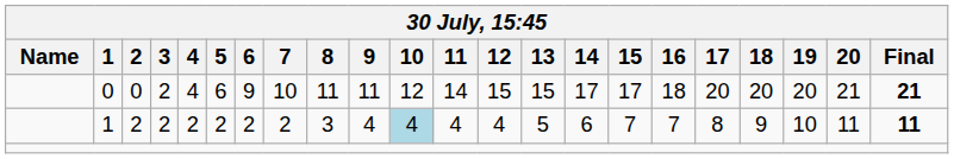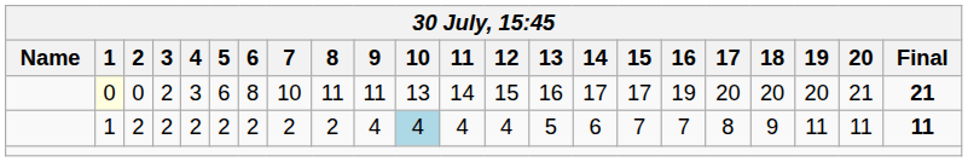 <table class=wikitable style="text-align:center; width: 55%">
 <tr>
 <th colspan=22><em>30 July, 15:45</em></th>
 </tr>
 <tr>
 <th>Name</th>
 <th>1</th>
 <th>2</th>
 <th>3</th>
 <th>4</th>
 <th>5</th>
 <th>6</th>
 <th>7</th>
 <th>8</th>
 <th>9</th>
 <th>10</th>
 <th>11</th>
 <th>12</th>
 <th>13</th>
 <th>14</th>
 <th>15</th>
 <th>16</th>
 <th>17</th>
 <th>18</th>
 <th>19</th>
 <th>20</th>
 <th>Final</th>
 </tr>
 <tr>
 <td align=left><strong></strong></td>
-<td>0</td>
+<td style="background: lightyellow;">0</td>
 <td>0</td>
 <td>2</td>
-<td>4</td>
+<td>3</td>
 <td>6</td>
-<td>9</td>
+<td>8</td>
 <td>10</td>
 <td>11</td>
 <td>11</td>
-<td>12</td>
+<td>13</td>
 <td>14</td>
 <td>15</td>
-<td>15</td>
+<td>16</td>
 <td>17</td>
 <td>17</td>
-<td>18</td>
+<td>19</td>
 <td>20</td>
 <td>20</td>
 <td>20</td>
 <td>21</td>
 <td><strong>21</strong></td>
 </tr>
 <tr>
 <td align=left></td>
 <td>1</td>
 <td>2</td>
 <td>2</td>
 <td>2</td>
 <td>2</td>
 <td>2</td>
 <td>2</td>
-<td>3</td>
+<td>2</td>
 <td>4</td>
 <td style="background: lightblue;">4</td>
 <td>4</td>
 <td>4</td>
 <td>5</td>
 <td>6</td>
 <td>7</td>
 <td>7</td>
 <td>8</td>
 <td>9</td>
-<td>10</td>
+<td>11</td>
 <td>11</td>
 <td><strong>11</strong></td>
 </tr>
 <tr>
 <td colspan=22></td>
 </tr>
 </table>
